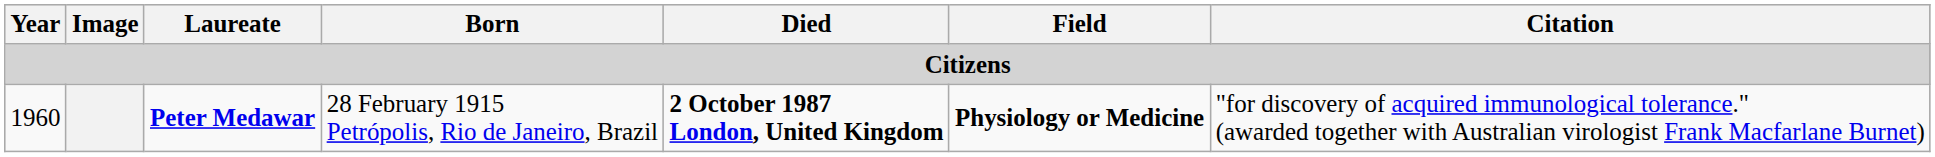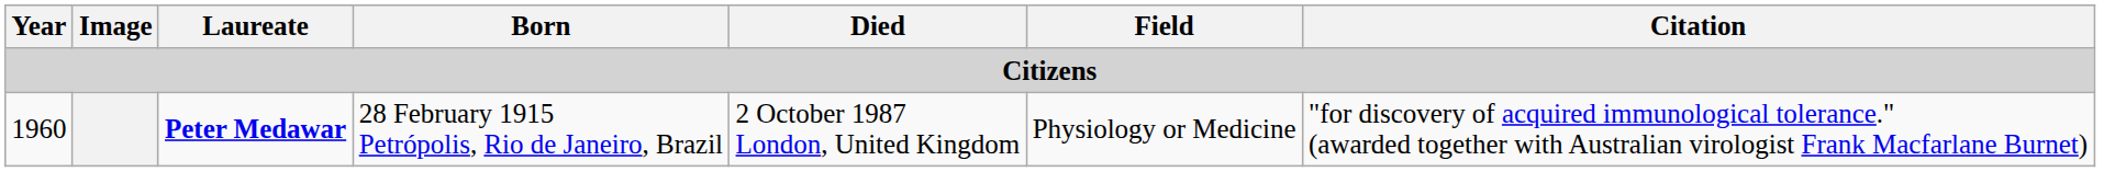 <table class="wikitable sortable">
 <tr>
 <th>Year</th>
 <th class="unportable">Image</th>
 <th>Laureate</th>
 <th>Born</th>
 <th>Died</th>
 <th>Field</th>
 <th>Citation</th>
 </tr>
 <tr>
 <td colspan=8 align=center style="background:lightgray;white-space:nowrap"><strong>Citizens</strong></td>
 </tr>
 <tr>
 <td style="text-align:center;">1960</td>
 <th scope="row"></th>
 <td><strong><a href='#'>Peter Medawar</a></strong></td>
 <td>28 February 1915 <br><a href='#'>Petrópolis</a>, <a href='#'>Rio de Janeiro</a>, Brazil</td>
-<td><strong>2 October 1987 <br><a href='#'>London</a>, United Kingdom</strong></td>
-<td align="center"><strong>Physiology or Medicine</strong></td>
+<td>2 October 1987 <br><a href='#'>London</a>, United Kingdom</td>
+<td align="center">Physiology or Medicine</td>
 <td>"for discovery of <a href='#'>acquired immunological tolerance</a>."<br><span>(awarded together with Australian virologist <a href='#'>Frank Macfarlane Burnet</a>)</span></td>
 </tr>
 </table>
